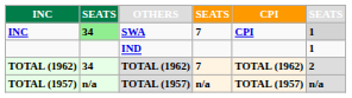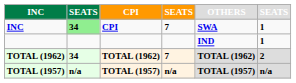 <table class="wikitable" style="font-weight: bold; font-size: x-small; font-family: verdana">
 <tr>
 <th style="background-color:#007D48; color:white">INC</th>
 <th style="background-color:#007D48; color:white">SEATS</th>
+<th style="background-color:#FF9900; color:white">CPI</th>
+<th style="background-color:#FF9900; color:white">SEATS</th>
 <th style="background-color:#DDDDDD; color:white">OTHERS</th>
-<th style="background-color:#FF9900; color:white">SEATS</th>
-<th style="background-color:#FF9900; color:white">CPI</th>
 <th style="background-color:#DDDDDD; color:white">SEATS</th>
 </tr>
 <tr --->
 <td><a href='#'>INC</a></td>
 <td style="background: lightgreen;">34</td>
+<td><a href='#'>CPI</a></td>
+<td>7</td>
 <td><a href='#'>SWA</a></td>
-<td>7</td>
-<td><a href='#'>CPI</a></td>
-<td style="background: lightgrey;">1</td>
+<td>1</td>
 </tr>
 <tr --->
 <td></td>
 <td></td>
-<td><a href='#'>IND</a></td>
 <td></td>
 <td></td>
+<td><a href='#'>IND</a></td>
 <td>1</td>
 </tr>
 <tr --->
 <td bgcolor=#E6FFE6>TOTAL (1962)</td>
 <td bgcolor=#E6FFE6>34</td>
+<td bgcolor=#FFF3E1>TOTAL (1962)</td>
+<td bgcolor=#FFF3E1>7</td>
 <td bgcolor=#DDDDDD>TOTAL (1962)</td>
-<td bgcolor=#FFF3E1>7</td>
-<td bgcolor=#FFF3E1>TOTAL (1962)</td>
 <td bgcolor=#DDDDDD>2</td>
 </tr>
 <tr --->
 <td bgcolor=#E6FFE6>TOTAL (1957)</td>
 <td bgcolor=#E6FFE6>n/a</td>
+<td bgcolor=#FFF3E1>TOTAL (1957)</td>
+<td bgcolor=#FFF3E1>n/a</td>
 <td bgcolor=#DDDDDD>TOTAL (1957)</td>
-<td bgcolor=#FFF3E1>n/a</td>
-<td bgcolor=#FFF3E1>TOTAL (1957)</td>
 <td bgcolor=#DDDDDD>n/a</td>
 </tr>
 </table>
